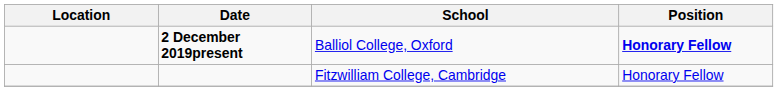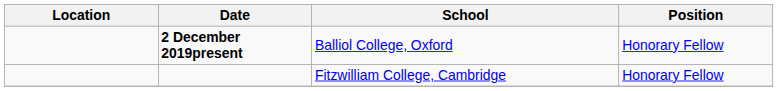 <table class="wikitable" style="width:100%;">
 <tr>
 <th style="width:20%;">Location</th>
 <th style="width:20%;">Date</th>
 <th style="width:40%;">School</th>
 <th style="width:20%;">Position</th>
 </tr>
 <tr>
 <td></td>
 <td><strong>2 December 2019present</strong></td>
 <td><a href='#'>Balliol College, Oxford</a></td>
-<td><strong><a href='#'>Honorary Fellow</a></strong></td>
+<td><a href='#'>Honorary Fellow</a></td>
 </tr>
 <tr>
 <td></td>
 <td></td>
 <td><a href='#'>Fitzwilliam College, Cambridge</a></td>
 <td><a href='#'>Honorary Fellow</a></td>
 </tr>
 <tr>
 </tr>
 </table>
